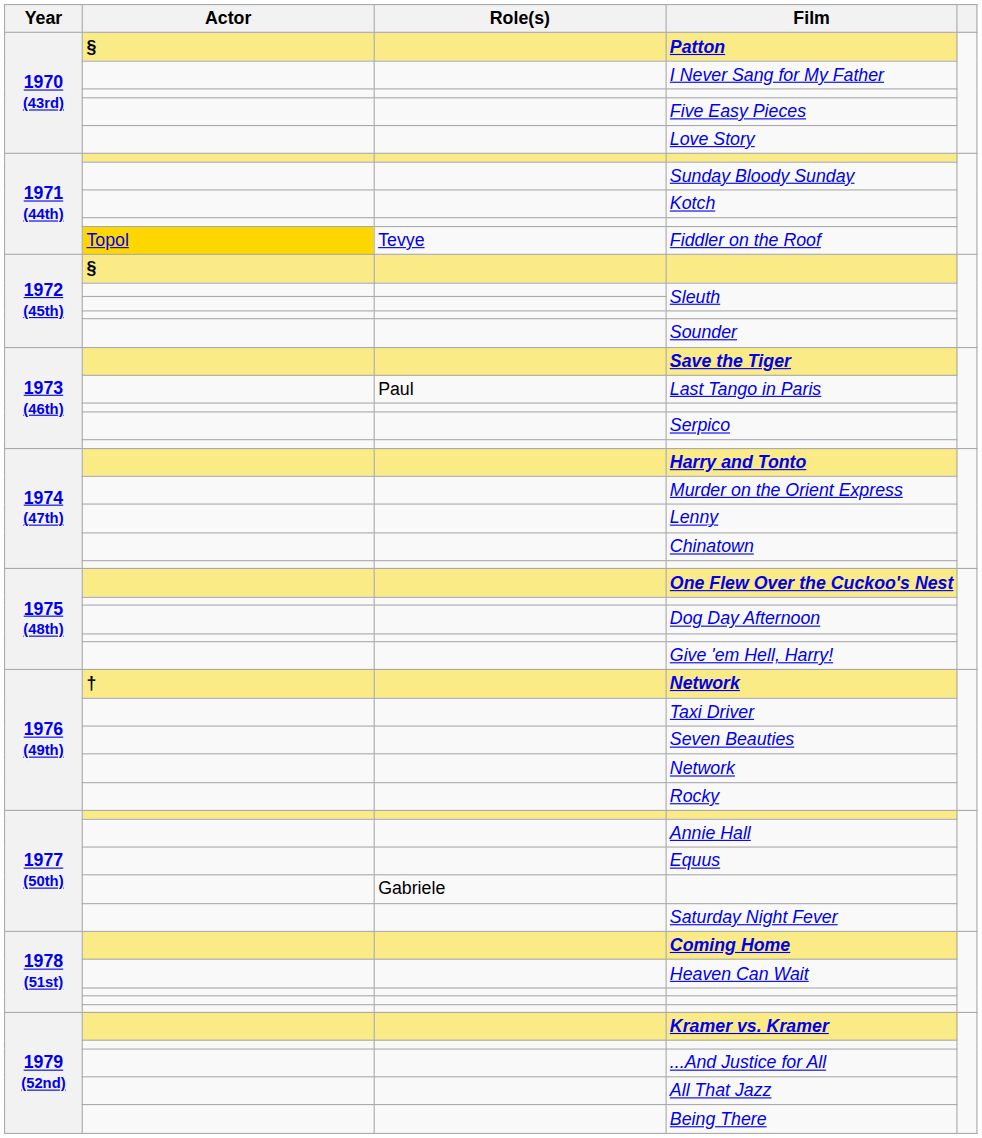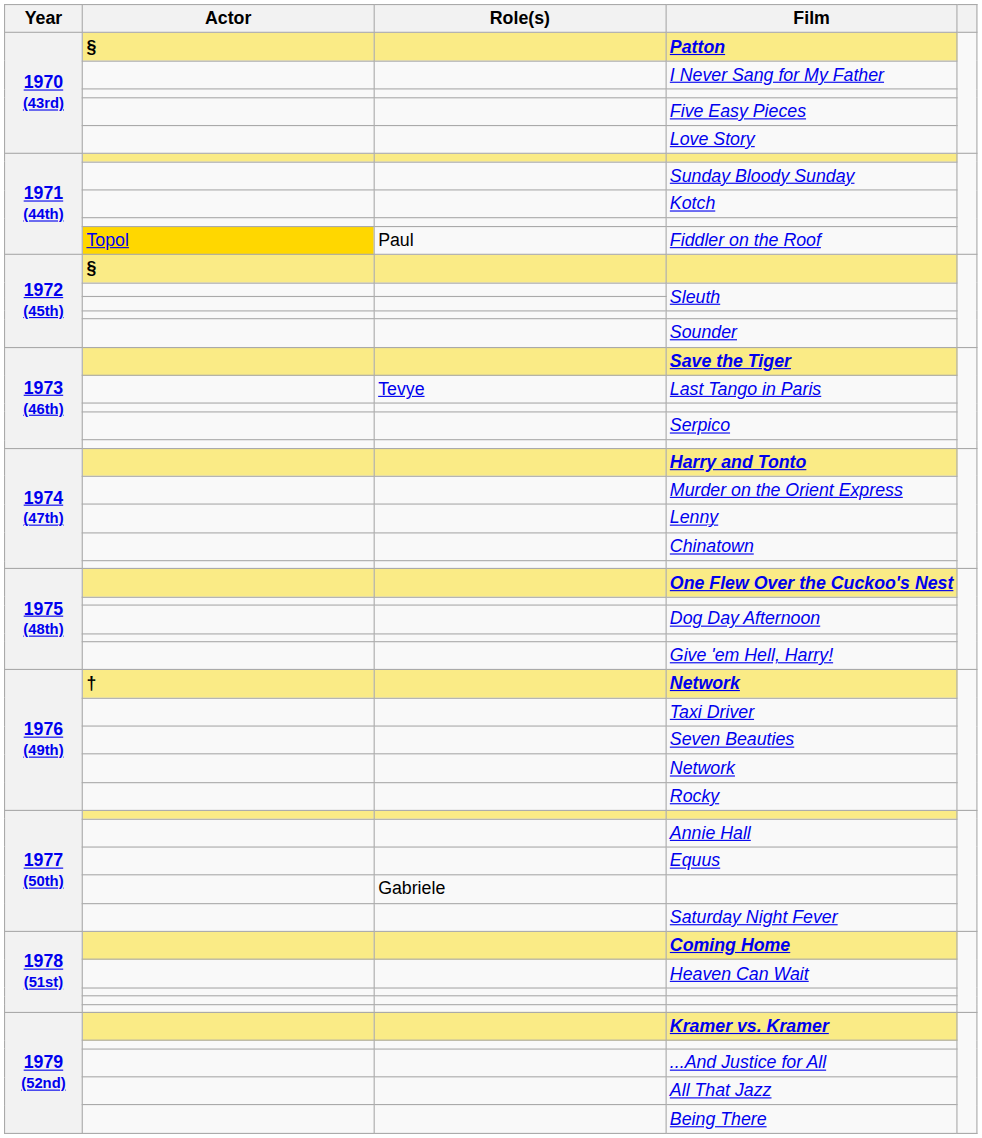 <table class="wikitable sortable">
 <tr>
 <th scope="col" style="width:8%;">Year</th>
 <th scope="col" style="width:30%;">Actor</th>
 <th scope="col" style="width:30%;">Role(s)</th>
 <th scope="col" style="width:30%;">Film</th>
 <th scope="col" style="width:2%;" class="unsortable"></th>
 </tr>
 <tr>
 <th scope="row" rowspan=5 style="text-align:center"><a href='#'>1970</a> <br><small><a href='#'>(43rd)</a> </small></th>
 <td style="background:#FAEB86;"><strong> §</strong></td>
 <td style="background:#FAEB86;"><strong></strong></td>
 <td style="background:#FAEB86;"><strong><em><a href='#'>Patton</a></em></strong></td>
 <td rowspan=5></td>
 </tr>
 <tr>
 <td></td>
 <td></td>
 <td><em><a href='#'>I Never Sang for My Father</a></em></td>
 </tr>
 <tr>
 <td></td>
 <td></td>
 <td></td>
 </tr>
 <tr>
 <td></td>
 <td></td>
 <td><em><a href='#'>Five Easy Pieces</a></em></td>
 </tr>
 <tr>
 <td></td>
 <td></td>
 <td><em><a href='#'>Love Story</a></em></td>
 </tr>
 <tr>
 <th scope="row" rowspan=5 style="text-align:center"><a href='#'>1971</a> <br><small><a href='#'>(44th)</a> </small></th>
 <td style="background:#FAEB86;"><strong> </strong></td>
 <td style="background:#FAEB86;"><strong></strong></td>
 <td style="background:#FAEB86;"><strong></strong></td>
 <td rowspan=5></td>
 </tr>
 <tr>
 <td></td>
 <td></td>
 <td><em><a href='#'>Sunday Bloody Sunday</a></em></td>
 </tr>
 <tr>
 <td></td>
 <td></td>
 <td><em><a href='#'>Kotch</a></em></td>
 </tr>
 <tr>
 <td></td>
 <td></td>
 <td></td>
 </tr>
 <tr>
 <td style="background: gold;"><a href='#'>Topol</a></td>
-<td><a href='#'>Tevye</a></td>
+<td>Paul</td>
 <td><em><a href='#'>Fiddler on the Roof</a></em></td>
 </tr>
 <tr>
 <th scope="row" rowspan=5 style="text-align:center"><a href='#'>1972</a> <br><small><a href='#'>(45th)</a> </small></th>
 <td style="background:#FAEB86;"><strong> §</strong></td>
 <td style="background:#FAEB86;"><strong></strong></td>
 <td style="background:#FAEB86;"><strong></strong></td>
 <td rowspan=5></td>
 </tr>
 <tr>
 <td></td>
 <td></td>
 <td rowspan=2><em><a href='#'>Sleuth</a></em></td>
 </tr>
 <tr>
 <td></td>
 <td></td>
 </tr>
 <tr>
 <td></td>
 <td></td>
 <td></td>
 </tr>
 <tr>
 <td></td>
 <td></td>
 <td><em><a href='#'>Sounder</a></em></td>
 </tr>
 <tr>
 <th scope="row" rowspan=5 style="text-align:center"><a href='#'>1973</a> <br><small><a href='#'>(46th)</a> </small></th>
 <td style="background:#FAEB86;"><strong> </strong></td>
 <td style="background:#FAEB86;"><strong></strong></td>
 <td style="background:#FAEB86;"><strong><em><a href='#'>Save the Tiger</a></em></strong></td>
 <td rowspan=5></td>
 </tr>
 <tr>
 <td></td>
-<td>Paul</td>
+<td><a href='#'>Tevye</a></td>
 <td><em><a href='#'>Last Tango in Paris</a></em></td>
 </tr>
 <tr>
 <td></td>
 <td></td>
 <td></td>
 </tr>
 <tr>
 <td></td>
 <td></td>
 <td><em><a href='#'>Serpico</a></em></td>
 </tr>
 <tr>
 <td></td>
 <td></td>
 <td></td>
 </tr>
 <tr>
 <th scope="row" rowspan=5 style="text-align:center"><a href='#'>1974</a> <br><small><a href='#'>(47th)</a> </small></th>
 <td style="background:#FAEB86;"><strong> </strong></td>
 <td style="background:#FAEB86;"><strong></strong></td>
 <td style="background:#FAEB86;"><strong><em><a href='#'>Harry and Tonto</a></em></strong></td>
 <td rowspan=5></td>
 </tr>
 <tr>
 <td></td>
 <td></td>
 <td><em><a href='#'>Murder on the Orient Express</a></em></td>
 </tr>
 <tr>
 <td></td>
 <td></td>
 <td><em><a href='#'>Lenny</a></em></td>
 </tr>
 <tr>
 <td></td>
 <td></td>
 <td><em><a href='#'>Chinatown</a></em></td>
 </tr>
 <tr>
 <td></td>
 <td></td>
 <td></td>
 </tr>
 <tr>
 <th scope="row" rowspan=5 style="text-align:center"><a href='#'>1975</a> <br><small><a href='#'>(48th)</a> </small></th>
 <td style="background:#FAEB86;"><strong> </strong></td>
 <td style="background:#FAEB86;"><strong></strong></td>
 <td style="background:#FAEB86;"><strong><em><a href='#'>One Flew Over the Cuckoo's Nest</a></em></strong></td>
 <td rowspan=5></td>
 </tr>
 <tr>
 <td></td>
 <td></td>
 <td></td>
 </tr>
 <tr>
 <td></td>
 <td></td>
 <td><em><a href='#'>Dog Day Afternoon</a></em></td>
 </tr>
 <tr>
 <td></td>
 <td></td>
 <td></td>
 </tr>
 <tr>
 <td></td>
 <td></td>
 <td><em><a href='#'>Give 'em Hell, Harry!</a></em></td>
 </tr>
 <tr>
 <th scope="row" rowspan=5 style="text-align:center"><a href='#'>1976</a> <br><small><a href='#'>(49th)</a> </small></th>
 <td style="background:#FAEB86;"><strong> †</strong></td>
 <td style="background:#FAEB86;"><strong></strong></td>
 <td style="background:#FAEB86;"><strong><em><a href='#'>Network</a></em></strong></td>
 <td rowspan=5></td>
 </tr>
 <tr>
 <td></td>
 <td></td>
 <td><em><a href='#'>Taxi Driver</a></em></td>
 </tr>
 <tr>
 <td></td>
 <td></td>
 <td><em><a href='#'>Seven Beauties</a></em></td>
 </tr>
 <tr>
 <td></td>
 <td></td>
 <td><em><a href='#'>Network</a></em></td>
 </tr>
 <tr>
 <td></td>
 <td></td>
 <td><em><a href='#'>Rocky</a></em></td>
 </tr>
 <tr>
 <th scope="row" rowspan=5 style="text-align:center"><a href='#'>1977</a> <br><small><a href='#'>(50th)</a> </small></th>
 <td style="background:#FAEB86;"><strong> </strong></td>
 <td style="background:#FAEB86;"><strong></strong></td>
 <td style="background:#FAEB86;"><strong></strong></td>
 <td rowspan=5></td>
 </tr>
 <tr>
 <td></td>
 <td></td>
 <td><em><a href='#'>Annie Hall</a></em></td>
 </tr>
 <tr>
 <td></td>
 <td></td>
 <td><em><a href='#'>Equus</a></em></td>
 </tr>
 <tr>
 <td></td>
 <td>Gabriele</td>
 <td></td>
 </tr>
 <tr>
 <td></td>
 <td></td>
 <td><em><a href='#'>Saturday Night Fever</a></em></td>
 </tr>
 <tr>
 <th scope="row" rowspan=5 style="text-align:center"><a href='#'>1978</a> <br><small><a href='#'>(51st)</a> </small></th>
 <td style="background:#FAEB86;"><strong> </strong></td>
 <td style="background:#FAEB86;"><strong></strong></td>
 <td style="background:#FAEB86;"><strong><em><a href='#'>Coming Home</a></em></strong></td>
 <td rowspan=5></td>
 </tr>
 <tr>
 <td></td>
 <td></td>
 <td><em><a href='#'>Heaven Can Wait</a></em></td>
 </tr>
 <tr>
 <td></td>
 <td></td>
 <td></td>
 </tr>
 <tr>
 <td></td>
 <td></td>
 <td></td>
 </tr>
 <tr>
 <td></td>
 <td></td>
 <td></td>
 </tr>
 <tr>
 <th scope="row" rowspan=5 style="text-align:center"><a href='#'>1979</a> <br><small><a href='#'>(52nd)</a> </small></th>
 <td style="background:#FAEB86;"><strong> </strong></td>
 <td style="background:#FAEB86;"><strong></strong></td>
 <td style="background:#FAEB86;"><strong><em><a href='#'>Kramer vs. Kramer</a></em></strong></td>
 <td rowspan=5></td>
 </tr>
 <tr>
 <td></td>
 <td></td>
 <td></td>
 </tr>
 <tr>
 <td></td>
 <td></td>
 <td><em><a href='#'>...And Justice for All</a></em></td>
 </tr>
 <tr>
 <td></td>
 <td></td>
 <td><em><a href='#'>All That Jazz</a></em></td>
 </tr>
 <tr>
 <td></td>
 <td></td>
 <td><em><a href='#'>Being There</a></em></td>
 </tr>
 </table>
